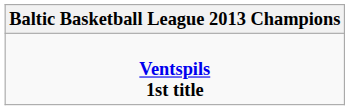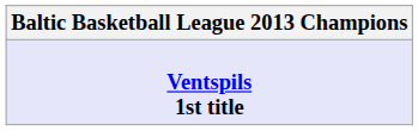 <table class=wikitable style="text-align:center; margin:auto">
 <tr>
 <th>Baltic Basketball League 2013 Champions</th>
 </tr>
 <tr>
-<td><br> <strong><a href='#'>Ventspils</a></strong> <br> <strong>1st title</strong></td>
+<td style="background: lavender;"><br> <strong><a href='#'>Ventspils</a></strong> <br> <strong>1st title</strong></td>
 </tr>
 </table>
